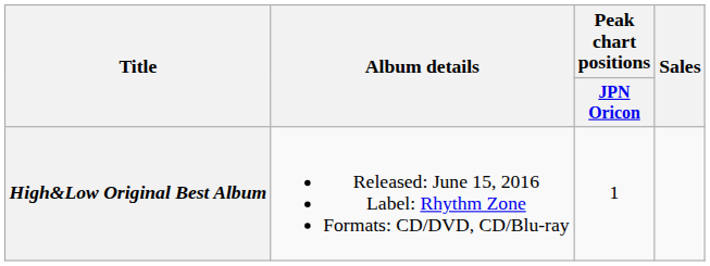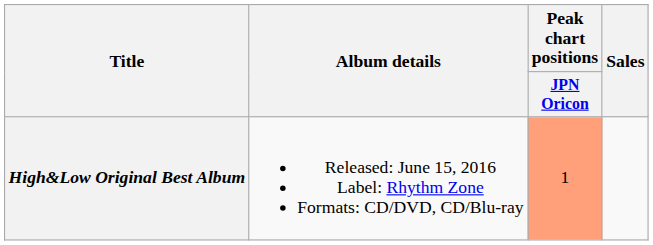 <table class="wikitable plainrowheaders" style="text-align:center">
 <tr>
 <th rowspan="2">Title</th>
 <th rowspan="2">Album details</th>
 <th colspan="1">Peak chart positions</th>
 <th rowspan="2">Sales</th>
 </tr>
 <tr>
 <th scope="col" style="width:2.5em;font-size:90%;"><a href='#'>JPN<br>Oricon</a><br></th>
 </tr>
 <tr>
 <th scope="row"><em>High&Low Original Best Album</em></th>
 <td><br><ul><li>Released: June 15, 2016</li><li>Label: <a href='#'>Rhythm Zone</a></li><li>Formats: CD/DVD, CD/Blu-ray</li></ul></td>
-<td>1</td>
+<td style="background: lightsalmon;">1</td>
 <td></td>
 </tr>
 </table>
